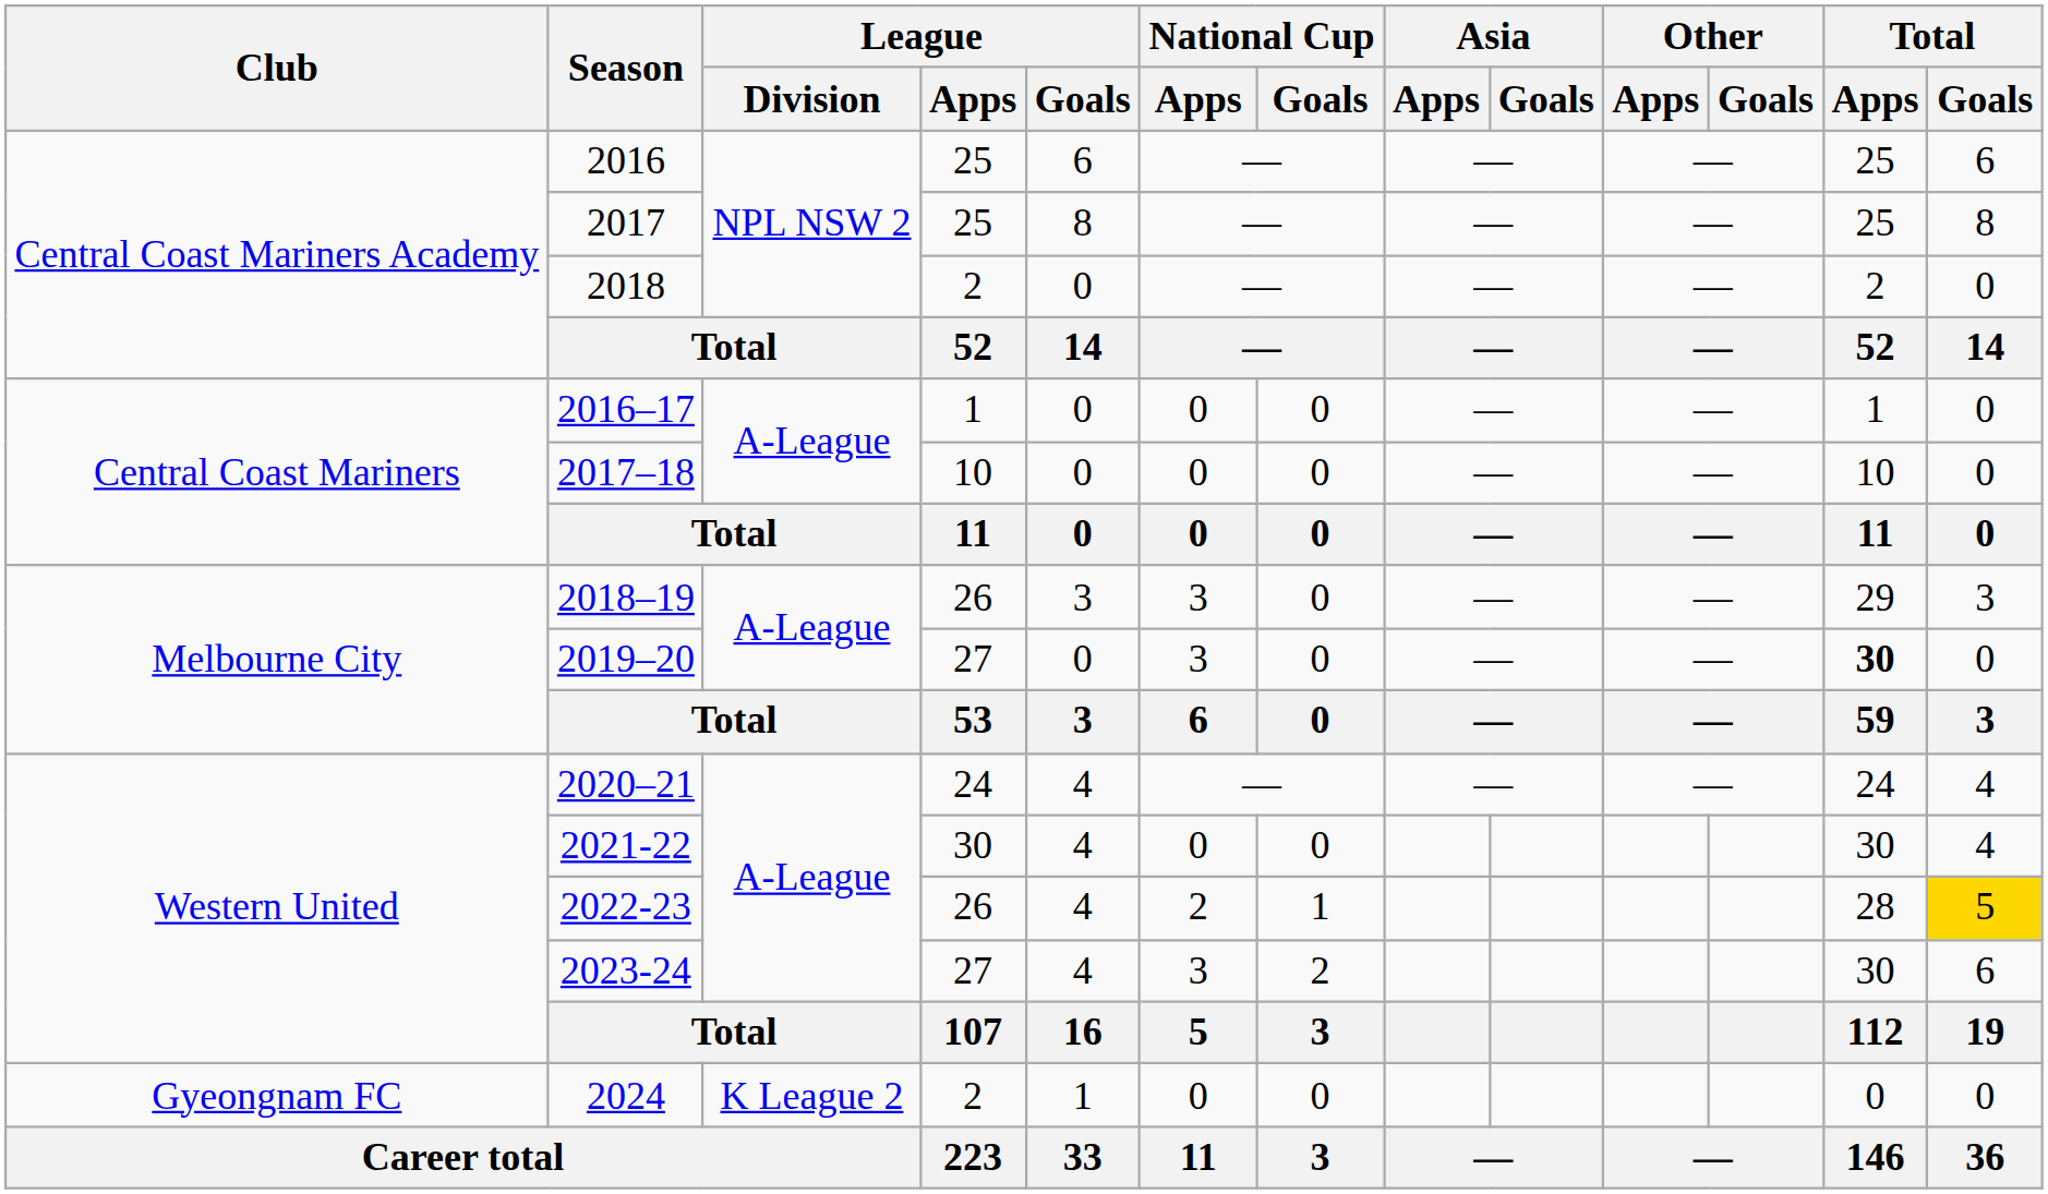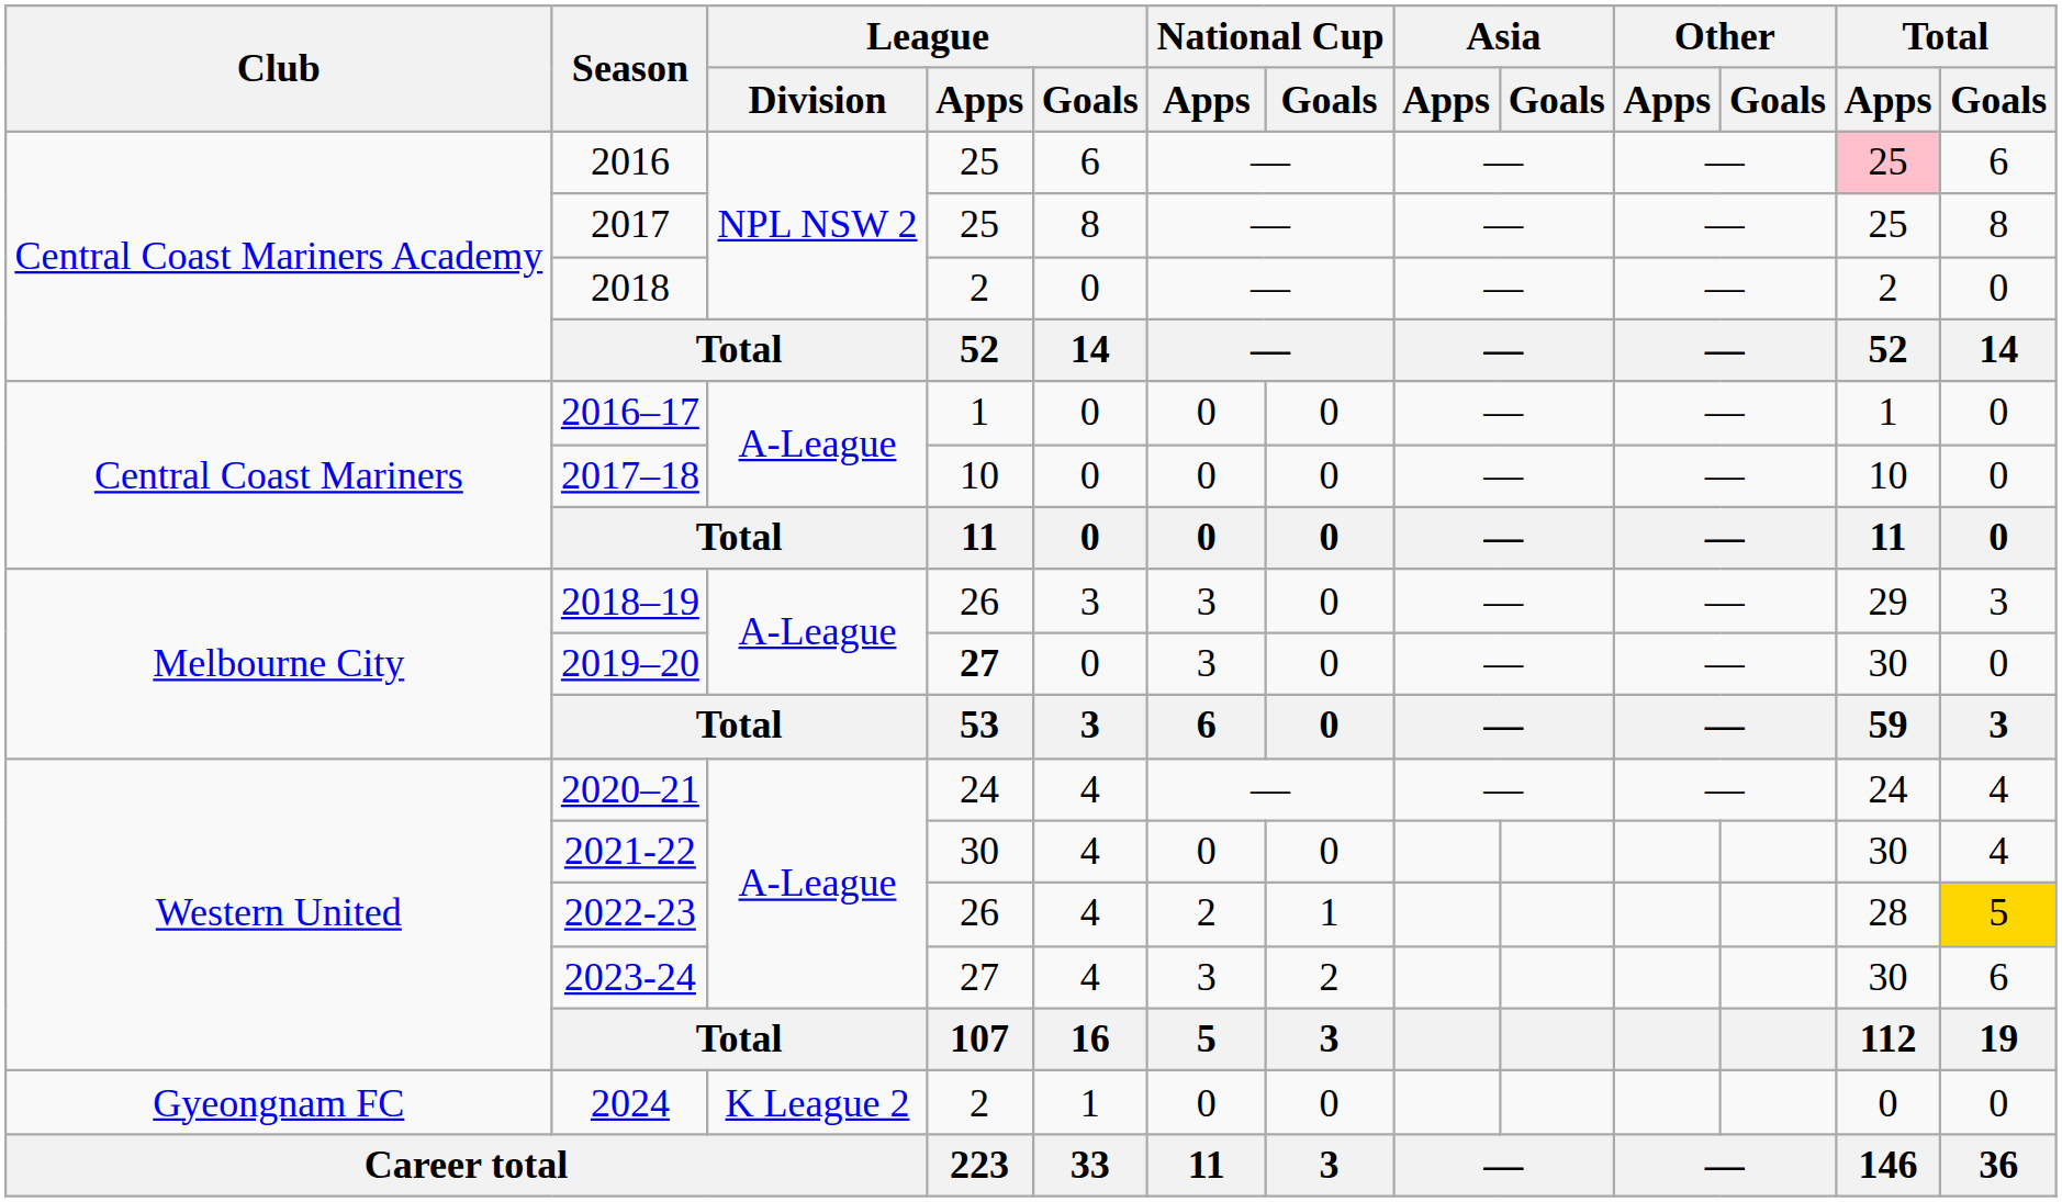 <table class="wikitable" style="text-align:center">
 <tr>
 <th rowspan=2>Club</th>
 <th rowspan=2>Season</th>
 <th colspan=3>League</th>
 <th colspan=2>National Cup</th>
 <th colspan=2>Asia</th>
 <th colspan=2>Other</th>
 <th colspan=2>Total</th>
 </tr>
 <tr>
 <th>Division</th>
 <th>Apps</th>
 <th>Goals</th>
 <th>Apps</th>
 <th>Goals</th>
 <th>Apps</th>
 <th>Goals</th>
 <th>Apps</th>
 <th>Goals</th>
 <th>Apps</th>
 <th>Goals</th>
 </tr>
 <tr>
 <td rowspan="4"><a href='#'>Central Coast Mariners Academy</a></td>
 <td>2016</td>
 <td rowspan="3"><a href='#'>NPL NSW 2</a></td>
 <td>25</td>
 <td>6</td>
 <td colspan="2">—</td>
 <td colspan="2">—</td>
 <td colspan="2">—</td>
-<td>25</td>
+<td style="background: pink;">25</td>
 <td>6</td>
 </tr>
 <tr>
 <td>2017</td>
 <td>25</td>
 <td>8</td>
 <td colspan="2">—</td>
 <td colspan="2">—</td>
 <td colspan="2">—</td>
 <td>25</td>
 <td>8</td>
 </tr>
 <tr>
 <td>2018</td>
 <td>2</td>
 <td>0</td>
 <td colspan="2">—</td>
 <td colspan="2">—</td>
 <td colspan="2">—</td>
 <td>2</td>
 <td>0</td>
 </tr>
 <tr>
 <th colspan="2">Total</th>
 <th>52</th>
 <th>14</th>
 <th colspan="2">—</th>
 <th colspan="2">—</th>
 <th colspan="2">—</th>
 <th>52</th>
 <th>14</th>
 </tr>
 <tr>
 <td rowspan="3"><a href='#'>Central Coast Mariners</a></td>
 <td><a href='#'>2016–17</a></td>
 <td rowspan="2"><a href='#'>A-League</a></td>
 <td>1</td>
 <td>0</td>
 <td>0</td>
 <td>0</td>
 <td colspan="2">—</td>
 <td colspan="2">—</td>
 <td>1</td>
 <td>0</td>
 </tr>
 <tr>
 <td><a href='#'>2017–18</a></td>
 <td>10</td>
 <td>0</td>
 <td>0</td>
 <td>0</td>
 <td colspan="2">—</td>
 <td colspan="2">—</td>
 <td>10</td>
 <td>0</td>
 </tr>
 <tr>
 <th colspan="2">Total</th>
 <th>11</th>
 <th>0</th>
 <th>0</th>
 <th>0</th>
 <th colspan="2">—</th>
 <th colspan="2">—</th>
 <th>11</th>
 <th>0</th>
 </tr>
 <tr>
 <td rowspan="3"><a href='#'>Melbourne City</a></td>
 <td><a href='#'>2018–19</a></td>
 <td rowspan="2"><a href='#'>A-League</a></td>
 <td>26</td>
 <td>3</td>
 <td>3</td>
 <td>0</td>
 <td colspan="2">—</td>
 <td colspan="2">—</td>
 <td>29</td>
 <td>3</td>
 </tr>
 <tr>
 <td><a href='#'>2019–20</a></td>
-<td>27</td>
+<td><strong>27</strong></td>
 <td>0</td>
 <td>3</td>
 <td>0</td>
 <td colspan="2">—</td>
 <td colspan="2">—</td>
-<td><strong>30</strong></td>
+<td>30</td>
 <td>0</td>
 </tr>
 <tr>
 <th colspan="2">Total</th>
 <th>53</th>
 <th>3</th>
 <th>6</th>
 <th>0</th>
 <th colspan="2">—</th>
 <th colspan="2">—</th>
 <th>59</th>
 <th>3</th>
 </tr>
 <tr>
 <td rowspan="5"><a href='#'>Western United</a></td>
 <td><a href='#'>2020–21</a></td>
 <td rowspan="4"><a href='#'>A-League</a></td>
 <td>24</td>
 <td>4</td>
 <td colspan="2">—</td>
 <td colspan="2">—</td>
 <td colspan="2">—</td>
 <td>24</td>
 <td>4</td>
 </tr>
 <tr>
 <td><a href='#'>2021-22</a></td>
 <td>30</td>
 <td>4</td>
 <td>0</td>
 <td>0</td>
 <td></td>
 <td></td>
 <td></td>
 <td></td>
 <td>30</td>
 <td>4</td>
 </tr>
 <tr>
 <td><a href='#'>2022-23</a></td>
 <td>26</td>
 <td>4</td>
 <td>2</td>
 <td>1</td>
 <td></td>
 <td></td>
 <td></td>
 <td></td>
 <td>28</td>
 <td style="background: gold;">5</td>
 </tr>
 <tr>
 <td><a href='#'>2023-24</a></td>
 <td>27</td>
 <td>4</td>
 <td>3</td>
 <td>2</td>
 <td></td>
 <td></td>
 <td></td>
 <td></td>
 <td>30</td>
 <td>6</td>
 </tr>
 <tr>
 <th colspan="2">Total</th>
 <th>107</th>
 <th>16</th>
 <th>5</th>
 <th>3</th>
 <th></th>
 <th></th>
 <th></th>
 <th></th>
 <th>112</th>
 <th>19</th>
 </tr>
 <tr>
 <td><a href='#'>Gyeongnam FC</a></td>
 <td><a href='#'>2024</a></td>
 <td><a href='#'>K League 2</a></td>
 <td>2</td>
 <td>1</td>
 <td>0</td>
 <td>0</td>
 <td></td>
 <td></td>
 <td></td>
 <td></td>
 <td>0</td>
 <td>0</td>
 </tr>
 <tr>
 <th colspan="3">Career total</th>
 <th>223</th>
 <th>33</th>
 <th>11</th>
 <th>3</th>
 <th colspan="2">—</th>
 <th colspan="2">—</th>
 <th>146</th>
 <th>36</th>
 </tr>
 </table>
